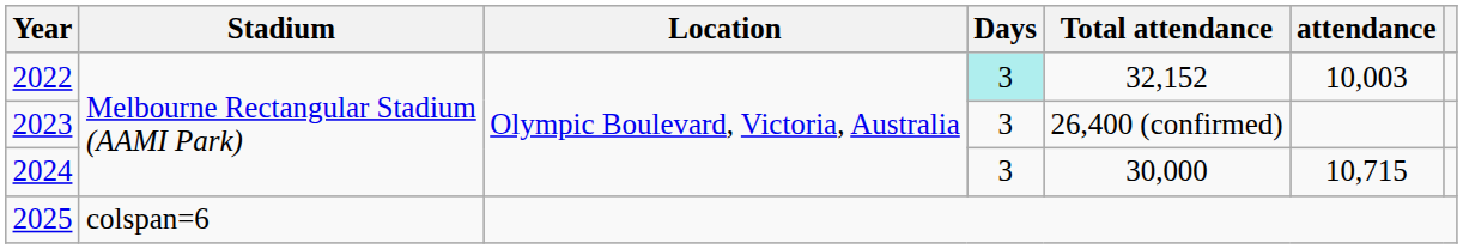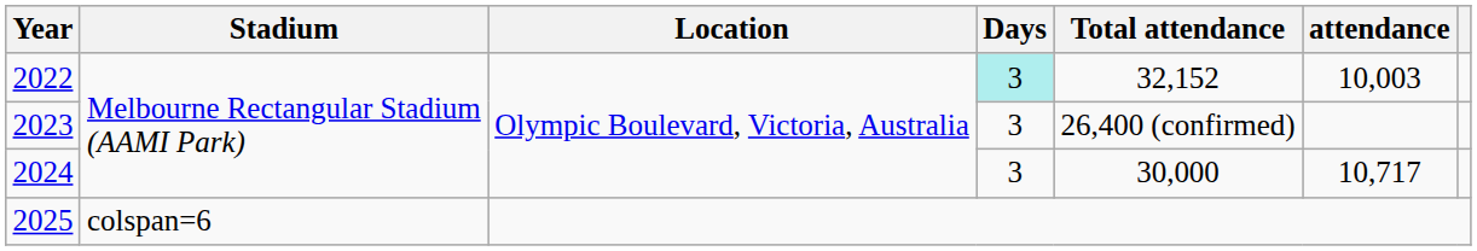 <table class="wikitable">
 <tr>
 <th>Year</th>
 <th>Stadium</th>
 <th>Location</th>
 <th>Days</th>
 <th>Total attendance</th>
 <th> attendance</th>
 <th></th>
 </tr>
 <tr>
 <td align=center><a href='#'>2022</a></td>
 <td rowspan=3><a href='#'>Melbourne Rectangular Stadium</a><br><em>(AAMI Park)</em></td>
 <td rowspan=3><a href='#'>Olympic Boulevard</a>, <a href='#'>Victoria</a>, <a href='#'>Australia</a></td>
 <td align=center style="background: paleturquoise;">3</td>
 <td align=center>32,152</td>
 <td align=center>10,003</td>
 <td align=center></td>
 </tr>
 <tr>
 <td align=center><a href='#'>2023</a></td>
 <td align=center>3</td>
 <td align=center>26,400 (confirmed)</td>
 <td></td>
 <td align=center></td>
 </tr>
 <tr>
 <td align=center><a href='#'>2024</a></td>
 <td align=center>3</td>
 <td align=center>30,000</td>
-<td align=center>10,715</td>
+<td align=center>10,717</td>
 <td align=center></td>
 </tr>
 <tr>
 <td align=center><a href='#'>2025</a></td>
 <td>colspan=6 </td>
 </tr>
 </table>
